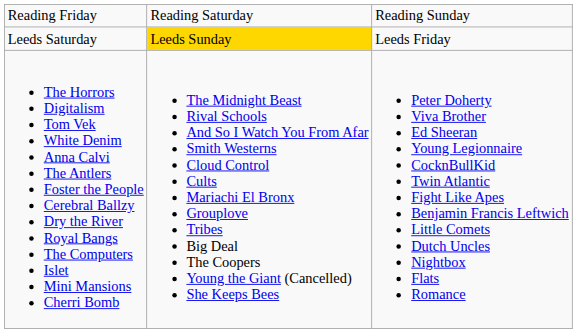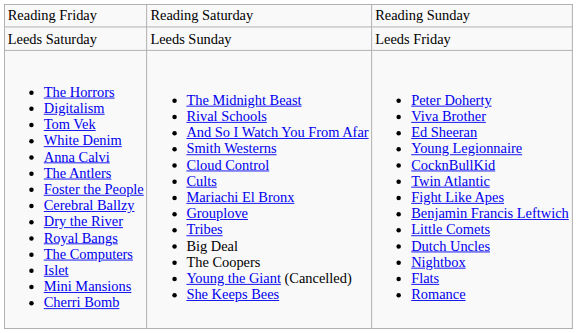 <table class="wikitable">
 <tr>
 <td>Reading Friday</td>
 <td>Reading Saturday</td>
 <td>Reading Sunday</td>
 </tr>
 <tr>
 <td>Leeds Saturday</td>
-<td style="background: gold;">Leeds Sunday</td>
+<td>Leeds Sunday</td>
 <td>Leeds Friday</td>
 </tr>
 <tr>
 <td><br><ul><li><a href='#'>The Horrors</a></li><li><a href='#'>Digitalism</a></li><li><a href='#'>Tom Vek</a></li><li><a href='#'>White Denim</a></li><li><a href='#'>Anna Calvi</a></li><li><a href='#'>The Antlers</a></li><li><a href='#'>Foster the People</a></li><li><a href='#'>Cerebral Ballzy</a></li><li><a href='#'>Dry the River</a></li><li><a href='#'>Royal Bangs</a></li><li><a href='#'>The Computers</a></li><li><a href='#'>Islet</a></li><li><a href='#'>Mini Mansions</a></li><li><a href='#'>Cherri Bomb</a></li></ul></td>
 <td><br><ul><li><a href='#'>The Midnight Beast</a></li><li><a href='#'>Rival Schools</a></li><li><a href='#'>And So I Watch You From Afar</a></li><li><a href='#'>Smith Westerns</a></li><li><a href='#'>Cloud Control</a></li><li><a href='#'>Cults</a></li><li><a href='#'>Mariachi El Bronx</a></li><li><a href='#'>Grouplove</a></li><li><a href='#'>Tribes</a></li><li>Big Deal</li><li>The Coopers</li><li><a href='#'>Young the Giant</a> (Cancelled)</li><li><a href='#'>She Keeps Bees</a></li></ul></td>
 <td><br><ul><li><a href='#'>Peter Doherty</a></li><li><a href='#'>Viva Brother</a></li><li><a href='#'>Ed Sheeran</a></li><li><a href='#'>Young Legionnaire</a></li><li><a href='#'>CocknBullKid</a></li><li><a href='#'>Twin Atlantic</a></li><li><a href='#'>Fight Like Apes</a></li><li><a href='#'>Benjamin Francis Leftwich</a></li><li><a href='#'>Little Comets</a></li><li><a href='#'>Dutch Uncles</a></li><li><a href='#'>Nightbox</a></li><li><a href='#'>Flats</a></li><li><a href='#'>Romance</a></li></ul></td>
 </tr>
 </table>
